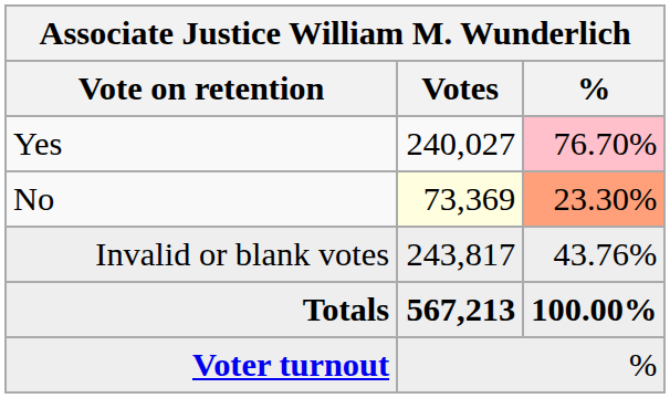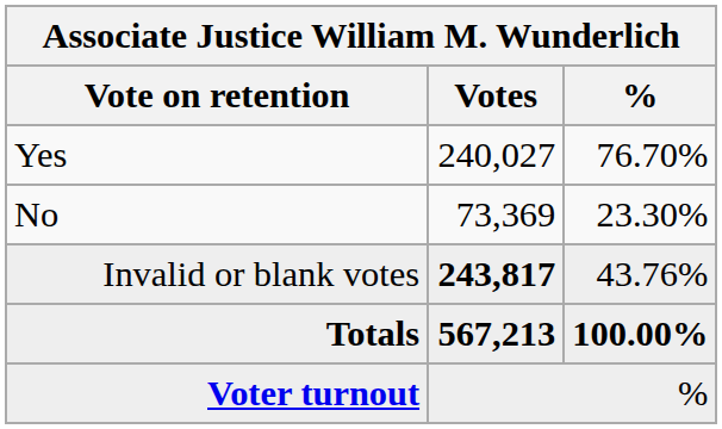 <table class="wikitable" style="font-size: 95%;">
 <tr style="background-color:#E9E9E9">
 <th colspan=7>Associate Justice William M. Wunderlich</th>
 </tr>
 <tr style="background-color:#E9E9E9">
 <th style="width: 170px">Vote on retention</th>
 <th style="width: 50px">Votes</th>
 <th style="width: 40px">%</th>
 </tr>
 <tr>
 <td>Yes</td>
 <td align="right">240,027</td>
-<td align="right" style="background: pink;">76.70%</td>
+<td align="right">76.70%</td>
 </tr>
 <tr>
 <td>No</td>
-<td align="right" style="background: lightyellow;">73,369</td>
-<td align="right" style="background: lightsalmon;">23.30%</td>
+<td align="right">73,369</td>
+<td align="right">23.30%</td>
 </tr>
 <tr bgcolor="#EEEEEE">
 <td align="right">Invalid or blank votes</td>
-<td align="right">243,817</td>
+<td align="right"><strong>243,817</strong></td>
 <td align="right">43.76%</td>
 </tr>
 <tr bgcolor="#EEEEEE">
 <td align="right"><strong>Totals</strong></td>
 <td align="right"><strong>567,213</strong></td>
 <td align="right"><strong>100.00%</strong></td>
 </tr>
 <tr bgcolor="#EEEEEE">
 <td align="right"><strong><a href='#'>Voter turnout</a></strong></td>
 <td colspan="2" align="right">%</td>
 </tr>
 </table>
